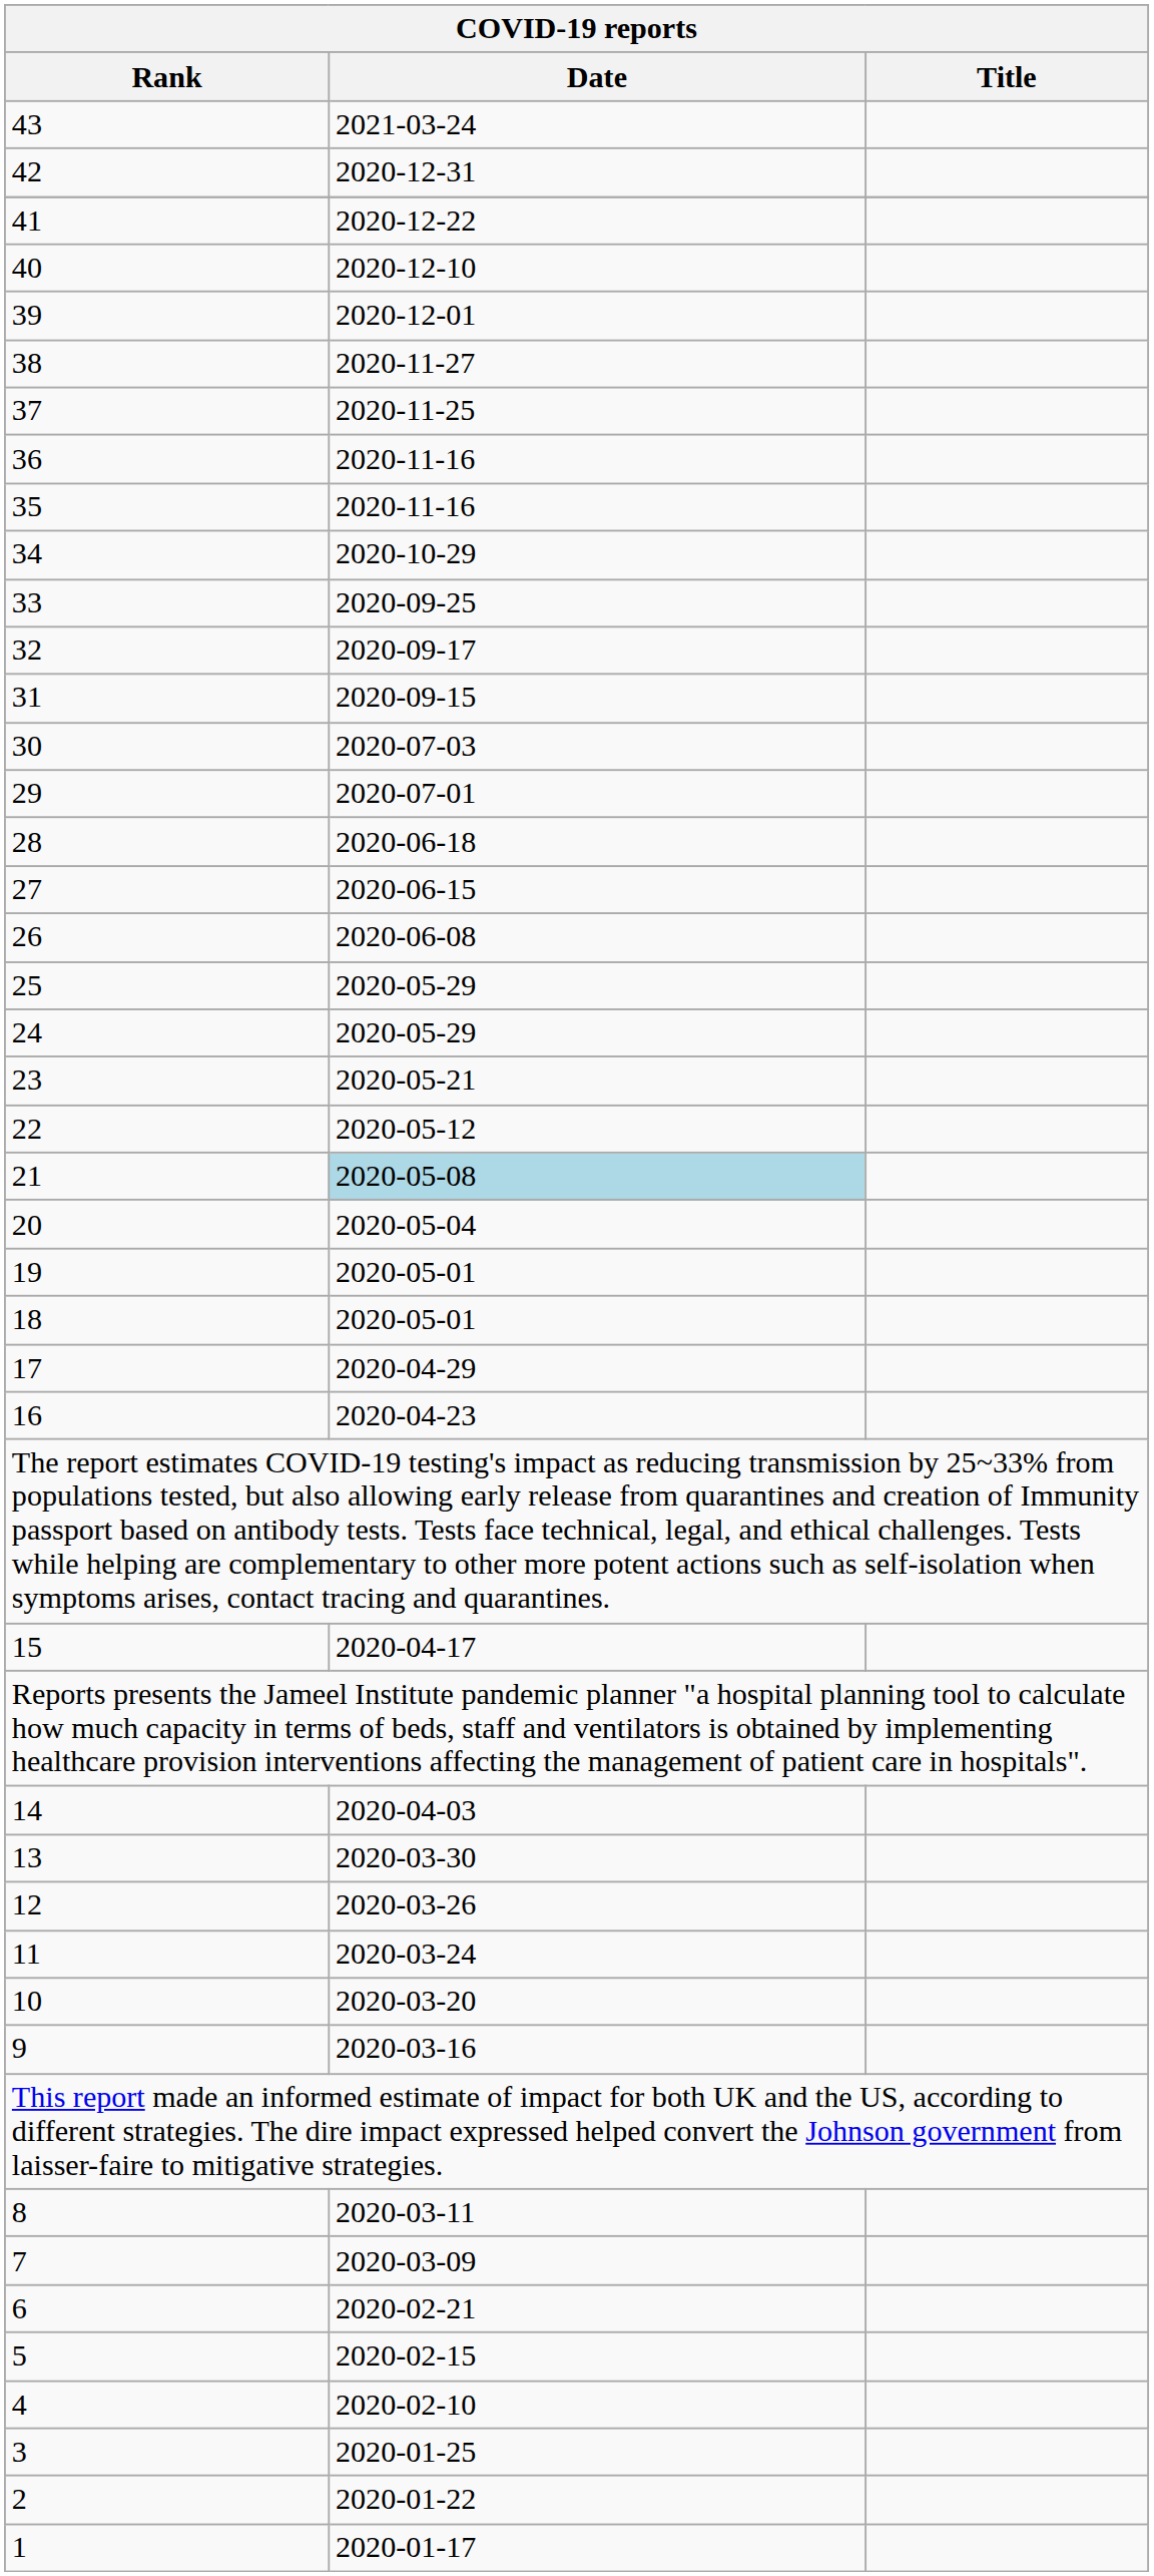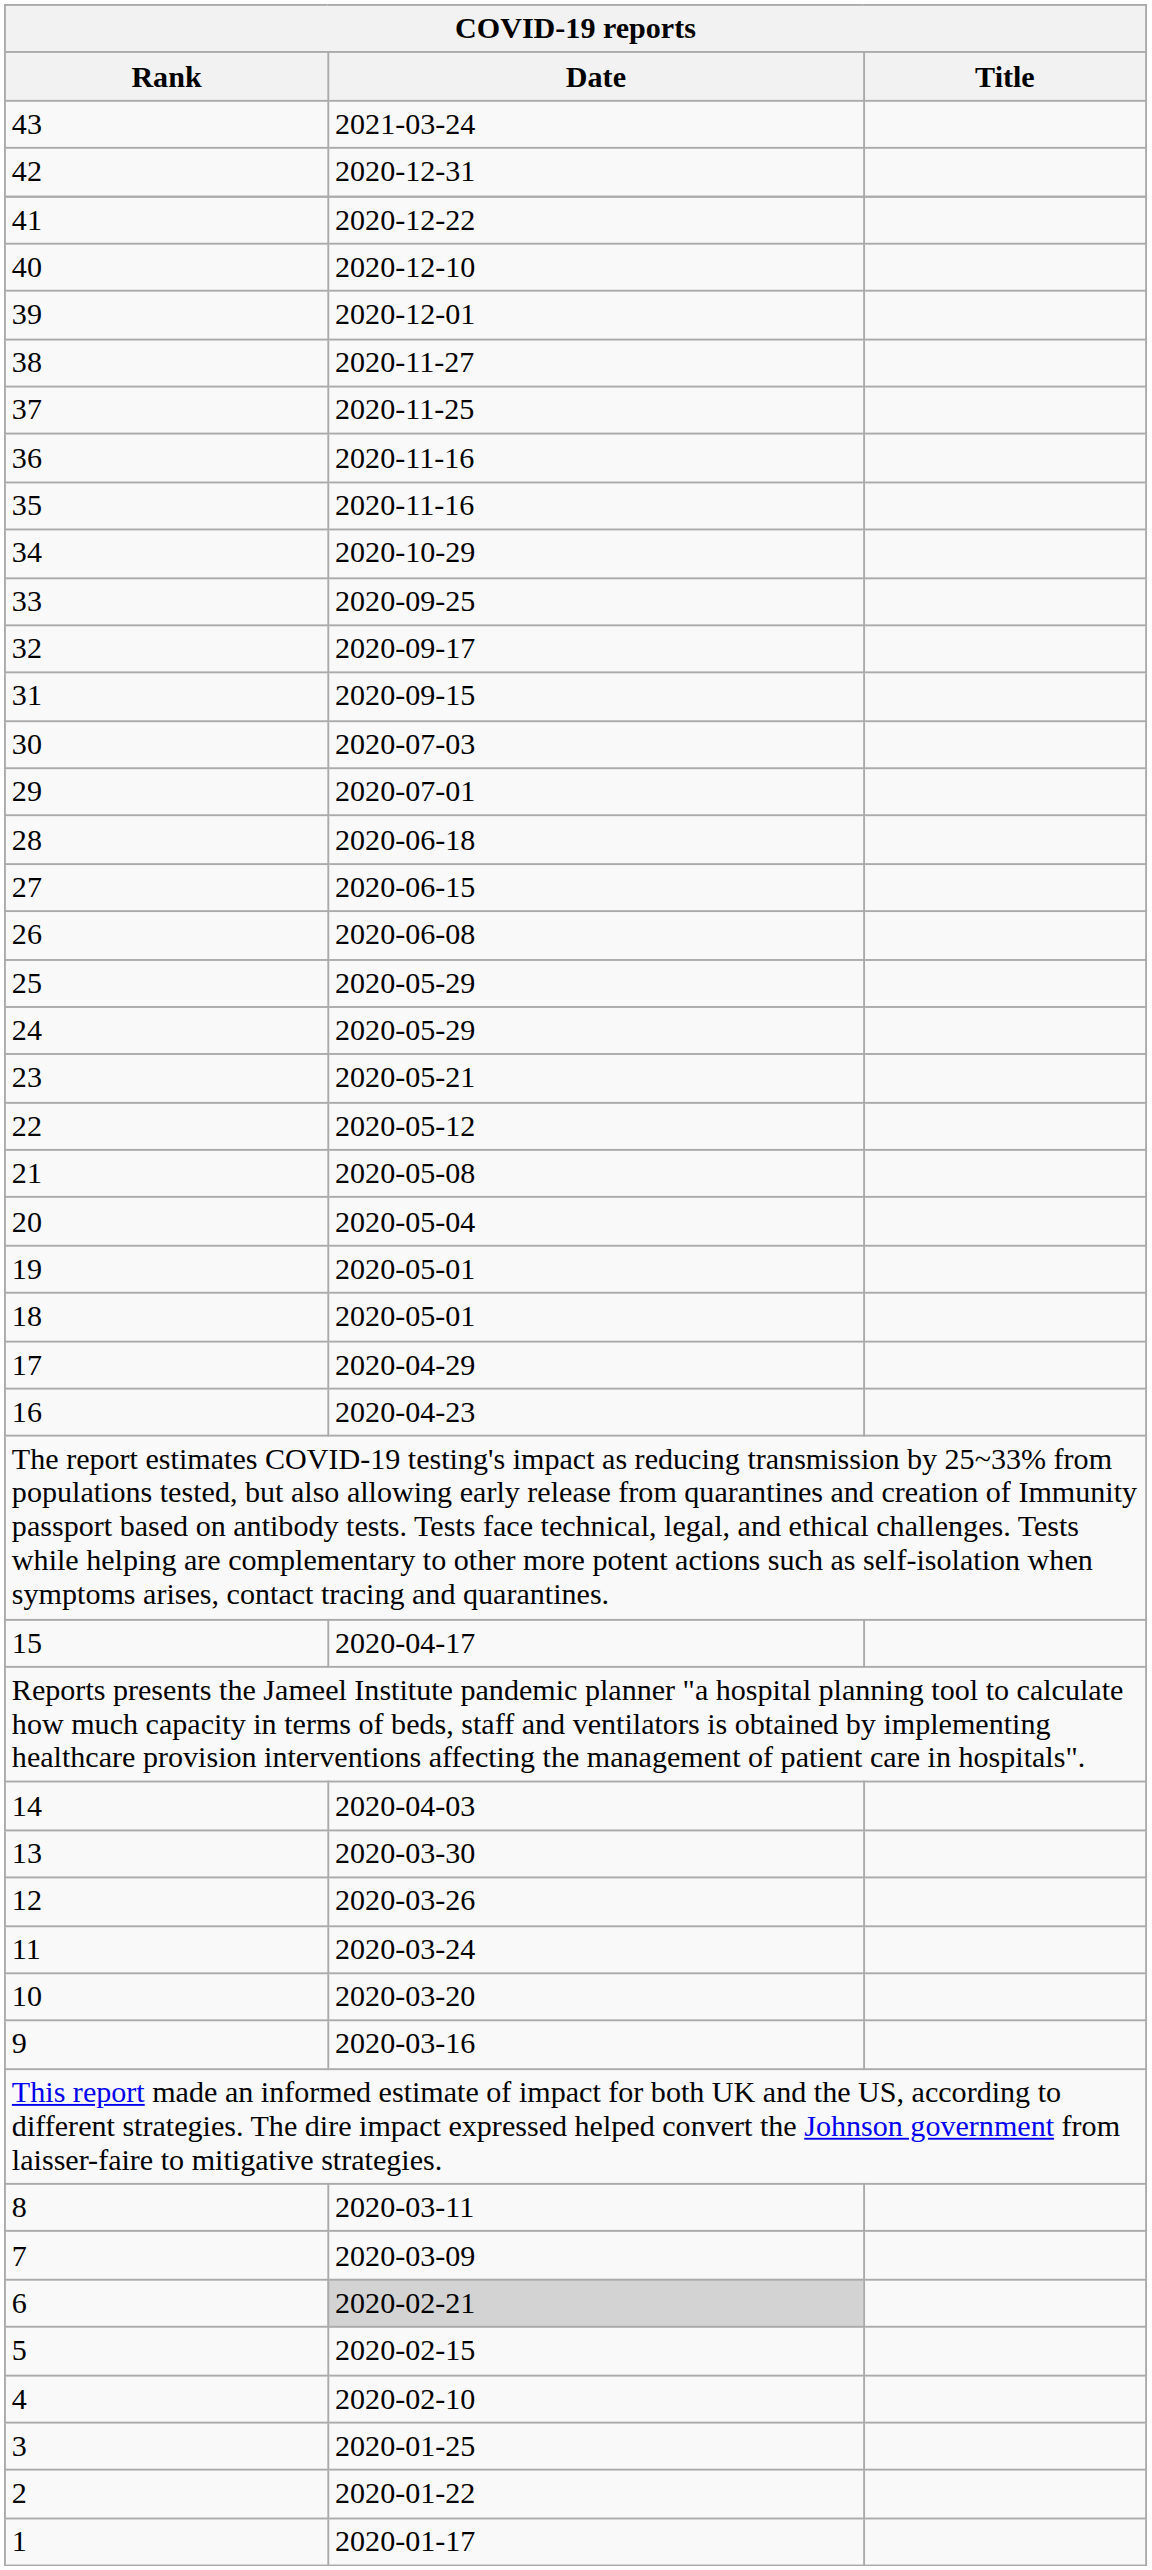 <table class="wikitable sortable">
 <tr>
 <th colspan="3">COVID-19 reports</th>
 </tr>
 <tr>
 <th>Rank</th>
 <th>Date</th>
 <th class="unsortable">Title</th>
 </tr>
 <tr>
 <td>43</td>
 <td>2021-03-24</td>
 <td></td>
 </tr>
 <tr>
 <td>42</td>
 <td>2020-12-31</td>
 <td></td>
 </tr>
 <tr>
 </tr>
 <tr>
 <td>41</td>
 <td>2020-12-22</td>
 <td></td>
 </tr>
 <tr>
 <td>40</td>
 <td>2020-12-10</td>
 <td></td>
 </tr>
 <tr>
 <td>39</td>
 <td>2020-12-01</td>
 <td></td>
 </tr>
 <tr>
 <td>38</td>
 <td>2020-11-27</td>
 <td></td>
 </tr>
 <tr>
 <td>37</td>
 <td>2020-11-25</td>
 <td></td>
 </tr>
 <tr>
 <td>36</td>
 <td>2020-11-16</td>
 <td></td>
 </tr>
 <tr>
 <td>35</td>
 <td>2020-11-16</td>
 <td></td>
 </tr>
 <tr>
 <td>34</td>
 <td>2020-10-29</td>
 <td></td>
 </tr>
 <tr>
 <td>33</td>
 <td>2020-09-25</td>
 <td></td>
 </tr>
 <tr>
 <td>32</td>
 <td>2020-09-17</td>
 <td></td>
 </tr>
 <tr>
 <td>31</td>
 <td>2020-09-15</td>
 <td></td>
 </tr>
 <tr>
 <td>30</td>
 <td>2020-07-03</td>
 <td></td>
 </tr>
 <tr>
 <td>29</td>
 <td>2020-07-01</td>
 <td></td>
 </tr>
 <tr>
 <td>28</td>
 <td>2020-06-18</td>
 <td></td>
 </tr>
 <tr>
 <td>27</td>
 <td>2020-06-15</td>
 <td></td>
 </tr>
 <tr>
 <td>26</td>
 <td>2020-06-08</td>
 <td></td>
 </tr>
 <tr>
 <td>25</td>
 <td>2020-05-29</td>
 <td></td>
 </tr>
 <tr>
 <td>24</td>
 <td>2020-05-29</td>
 <td></td>
 </tr>
 <tr>
 <td>23</td>
 <td>2020-05-21</td>
 <td></td>
 </tr>
 <tr>
 <td>22</td>
 <td>2020-05-12</td>
 <td></td>
 </tr>
 <tr>
 <td>21</td>
-<td style="background: lightblue;">2020-05-08</td>
+<td>2020-05-08</td>
 <td></td>
 </tr>
 <tr>
 <td>20</td>
 <td>2020-05-04</td>
 <td></td>
 </tr>
 <tr>
 <td>19</td>
 <td>2020-05-01</td>
 <td></td>
 </tr>
 <tr>
 <td>18</td>
 <td>2020-05-01</td>
 <td></td>
 </tr>
 <tr>
 <td>17</td>
 <td>2020-04-29</td>
 <td></td>
 </tr>
 <tr>
 <td>16</td>
 <td>2020-04-23</td>
 <td></td>
 </tr>
 <tr class="expand-child">
 <td colspan="3">The report estimates COVID-19 testing's impact as reducing transmission by 25~33% from populations tested, but also allowing early release from quarantines and creation of Immunity passport based on antibody tests. Tests face technical, legal, and ethical challenges. Tests while helping are complementary to other more potent actions such as self-isolation when symptoms arises, contact tracing and quarantines.</td>
 </tr>
 <tr>
 <td>15</td>
 <td>2020-04-17</td>
 <td></td>
 </tr>
 <tr class="expand-child">
 <td colspan="3">Reports presents the Jameel Institute pandemic planner "a hospital planning tool to calculate how much capacity in terms of beds, staff and ventilators is obtained by implementing healthcare provision interventions affecting the management of patient care in hospitals".</td>
 </tr>
 <tr>
 <td>14</td>
 <td>2020-04-03</td>
 <td></td>
 </tr>
 <tr>
 <td>13</td>
 <td>2020-03-30</td>
 <td></td>
 </tr>
 <tr>
 <td>12</td>
 <td>2020-03-26</td>
 <td></td>
 </tr>
 <tr>
 <td>11</td>
 <td>2020-03-24</td>
 <td></td>
 </tr>
 <tr>
 <td>10</td>
 <td>2020-03-20</td>
 <td></td>
 </tr>
 <tr>
 <td>9</td>
 <td>2020-03-16</td>
 <td></td>
 </tr>
 <tr class="expand-child">
 <td colspan="3"><a href='#'>This report</a> made an informed estimate of impact for both UK and the US, according to different strategies. The dire impact expressed helped convert the <a href='#'>Johnson government</a> from laisser-faire to mitigative strategies.</td>
 </tr>
 <tr>
 <td>8</td>
 <td>2020-03-11</td>
 <td></td>
 </tr>
 <tr>
 <td>7</td>
 <td>2020-03-09</td>
 <td></td>
 </tr>
 <tr>
 <td>6</td>
-<td>2020-02-21</td>
+<td style="background: lightgrey;">2020-02-21</td>
 <td></td>
 </tr>
 <tr>
 <td>5</td>
 <td>2020-02-15</td>
 <td></td>
 </tr>
 <tr>
 <td>4</td>
 <td>2020-02-10</td>
 <td></td>
 </tr>
 <tr>
 <td>3</td>
 <td>2020-01-25</td>
 <td></td>
 </tr>
 <tr>
 <td>2</td>
 <td>2020-01-22</td>
 <td></td>
 </tr>
 <tr>
 <td>1</td>
 <td>2020-01-17</td>
 <td></td>
 </tr>
 </table>
